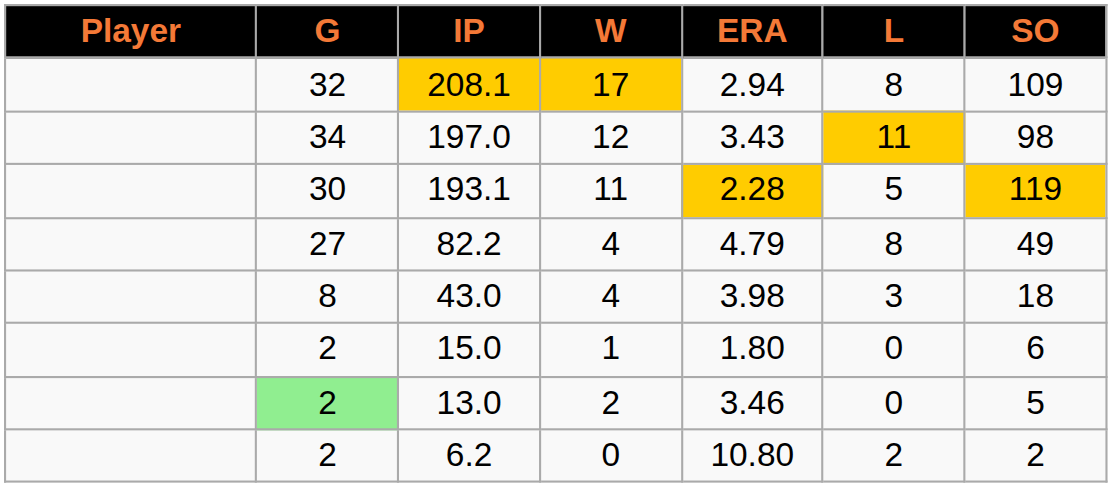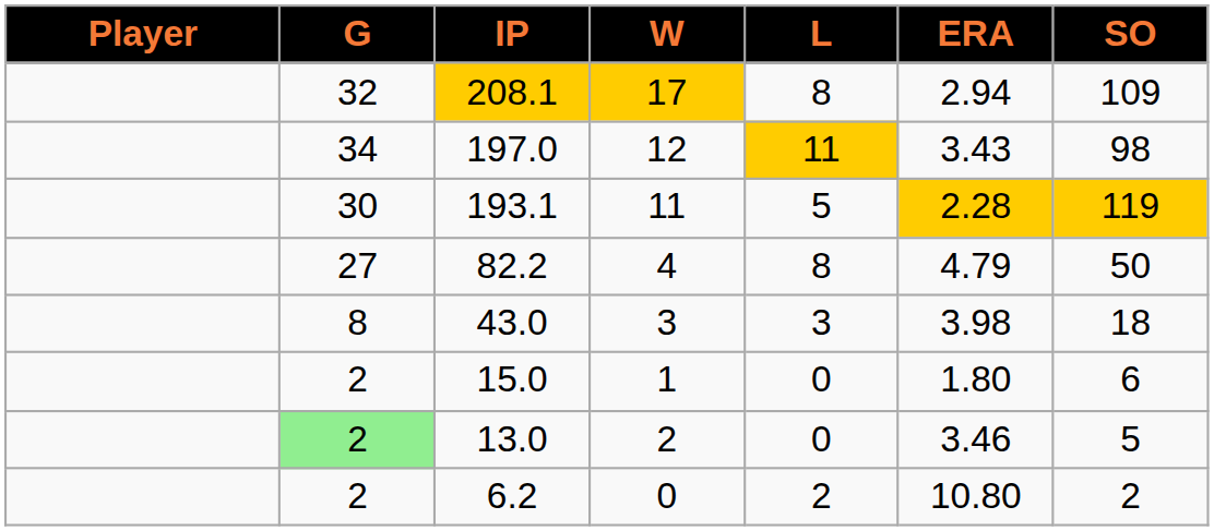 <table class="wikitable sortable">
 <tr>
 <th style="background:black;color:#f47937;" width="16%">Player</th>
 <th style="background:black;color:#f47937;" width="9%">G</th>
 <th style="background:black;color:#f47937;" width="9%">IP</th>
 <th style="background:black;color:#f47937;" width="9%">W</th>
+<th style="background:black;color:#f47937;" width="9%">L</th>
 <th style="background:black;color:#f47937;" width="9%">ERA</th>
-<th style="background:black;color:#f47937;" width="9%">L</th>
 <th style="background:black;color:#f47937;" width="9%">SO</th>
 </tr>
 <tr align="center">
 <td></td>
 <td>32</td>
 <td bgcolor="#FFCC00">208.1</td>
 <td bgcolor="#FFCC00">17</td>
+<td>8</td>
 <td>2.94</td>
-<td>8</td>
 <td>109</td>
 </tr>
 <tr align="center">
 <td></td>
 <td>34</td>
 <td>197.0</td>
 <td>12</td>
+<td bgcolor="#FFCC00">11</td>
 <td>3.43</td>
-<td bgcolor="#FFCC00">11</td>
 <td>98</td>
 </tr>
 <tr align="center">
 <td></td>
 <td>30</td>
 <td>193.1</td>
 <td>11</td>
+<td>5</td>
 <td bgcolor="#FFCC00">2.28</td>
-<td>5</td>
 <td bgcolor="#FFCC00">119</td>
 </tr>
 <tr align=center>
 <td></td>
 <td>27</td>
 <td>82.2</td>
 <td>4</td>
+<td>8</td>
 <td>4.79</td>
-<td>8</td>
-<td>49</td>
+<td>50</td>
 </tr>
 <tr align="center">
 <td></td>
 <td>8</td>
 <td>43.0</td>
-<td>4</td>
+<td>3</td>
+<td>3</td>
 <td>3.98</td>
-<td>3</td>
 <td>18</td>
 </tr>
 <tr align="center">
 <td></td>
 <td>2</td>
 <td>15.0</td>
 <td>1</td>
+<td>0</td>
 <td>1.80</td>
-<td>0</td>
 <td>6</td>
 </tr>
 <tr align="center">
 <td></td>
 <td style="background: lightgreen;">2</td>
 <td>13.0</td>
 <td>2</td>
+<td>0</td>
 <td>3.46</td>
-<td>0</td>
 <td>5</td>
 </tr>
 <tr align="center">
 <td></td>
 <td>2</td>
 <td>6.2</td>
 <td>0</td>
+<td>2</td>
 <td>10.80</td>
-<td>2</td>
 <td>2</td>
 </tr>
 </table>
